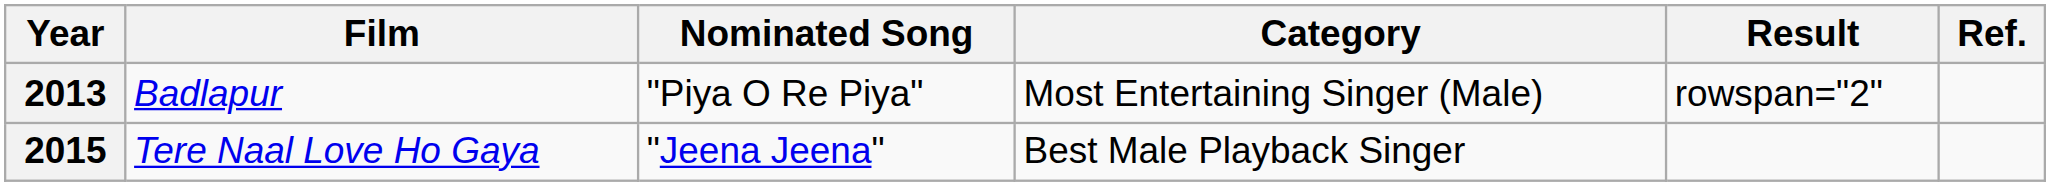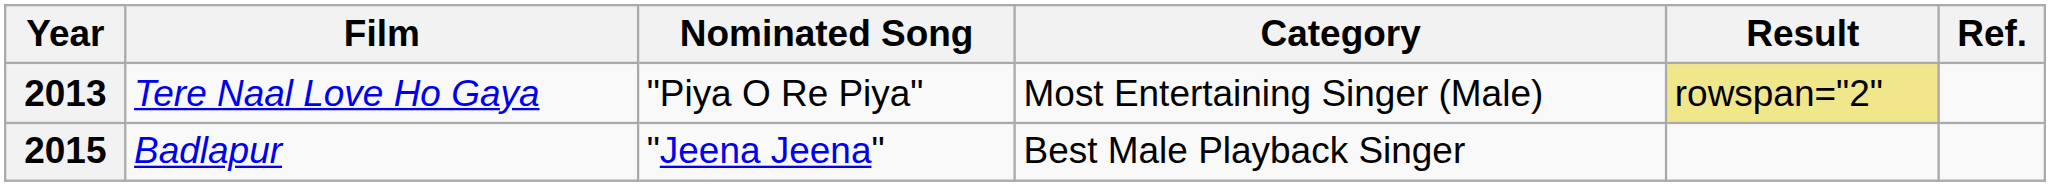 <table class="wikitable plainrowheaders" width="100%" "textcolor:#000;">
 <tr>
 <th>Year</th>
 <th>Film</th>
 <th>Nominated Song</th>
 <th>Category</th>
 <th>Result</th>
 <th>Ref.</th>
 </tr>
 <tr>
 <th>2013</th>
-<td><em><a href='#'>Badlapur</a></em></td>
+<td><em><a href='#'>Tere Naal Love Ho Gaya</a></em></td>
 <td>"Piya O Re Piya"</td>
 <td>Most Entertaining Singer (Male)</td>
-<td>rowspan="2" </td>
+<td style="background: khaki;">rowspan="2" </td>
 <td></td>
 </tr>
 <tr>
 <th>2015</th>
-<td><em><a href='#'>Tere Naal Love Ho Gaya</a></em></td>
+<td><em><a href='#'>Badlapur</a></em></td>
 <td>"<a href='#'>Jeena Jeena</a>"</td>
 <td>Best Male Playback Singer</td>
 <td></td>
 </tr>
 </table>
